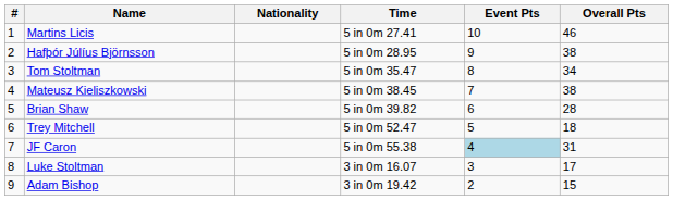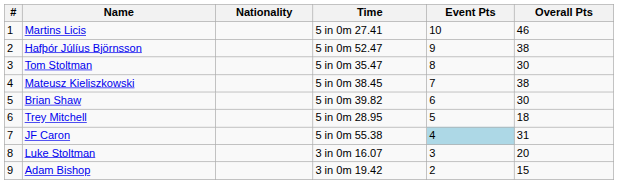 <table class="wikitable sortable" style="display: inline-table;width: 100%;">
 <tr>
 <th>#</th>
 <th>Name</th>
 <th>Nationality</th>
 <th>Time</th>
 <th>Event Pts</th>
 <th>Overall Pts</th>
 </tr>
 <tr>
 <td>1</td>
 <td><a href='#'>Martins Licis</a></td>
 <td></td>
 <td>5 in 0m 27.41</td>
 <td>10</td>
 <td>46</td>
 </tr>
 <tr>
 <td>2</td>
 <td><a href='#'>Hafþór Júlíus Björnsson</a></td>
 <td></td>
-<td>5 in 0m 28.95</td>
+<td>5 in 0m 52.47</td>
 <td>9</td>
 <td>38</td>
 </tr>
 <tr>
 <td>3</td>
 <td><a href='#'>Tom Stoltman</a></td>
 <td></td>
 <td>5 in 0m 35.47</td>
 <td>8</td>
-<td>34</td>
+<td>30</td>
 </tr>
 <tr>
 <td>4</td>
 <td><a href='#'>Mateusz Kieliszkowski</a></td>
 <td></td>
 <td>5 in 0m 38.45</td>
 <td>7</td>
 <td>38</td>
 </tr>
 <tr>
 <td>5</td>
 <td><a href='#'>Brian Shaw</a></td>
 <td></td>
 <td>5 in 0m 39.82</td>
 <td>6</td>
-<td>28</td>
+<td>30</td>
 </tr>
 <tr>
 <td>6</td>
 <td><a href='#'>Trey Mitchell</a></td>
 <td></td>
-<td>5 in 0m 52.47</td>
+<td>5 in 0m 28.95</td>
 <td>5</td>
 <td>18</td>
 </tr>
 <tr>
 <td>7</td>
 <td><a href='#'>JF Caron</a></td>
 <td></td>
 <td>5 in 0m 55.38</td>
 <td style="background: lightblue;">4</td>
 <td>31</td>
 </tr>
 <tr>
 <td>8</td>
 <td><a href='#'>Luke Stoltman</a></td>
 <td></td>
 <td>3 in 0m 16.07</td>
 <td>3</td>
-<td>17</td>
+<td>20</td>
 </tr>
 <tr>
 <td>9</td>
 <td><a href='#'>Adam Bishop</a></td>
 <td></td>
 <td>3 in 0m 19.42</td>
 <td>2</td>
 <td>15</td>
 </tr>
 </table>
